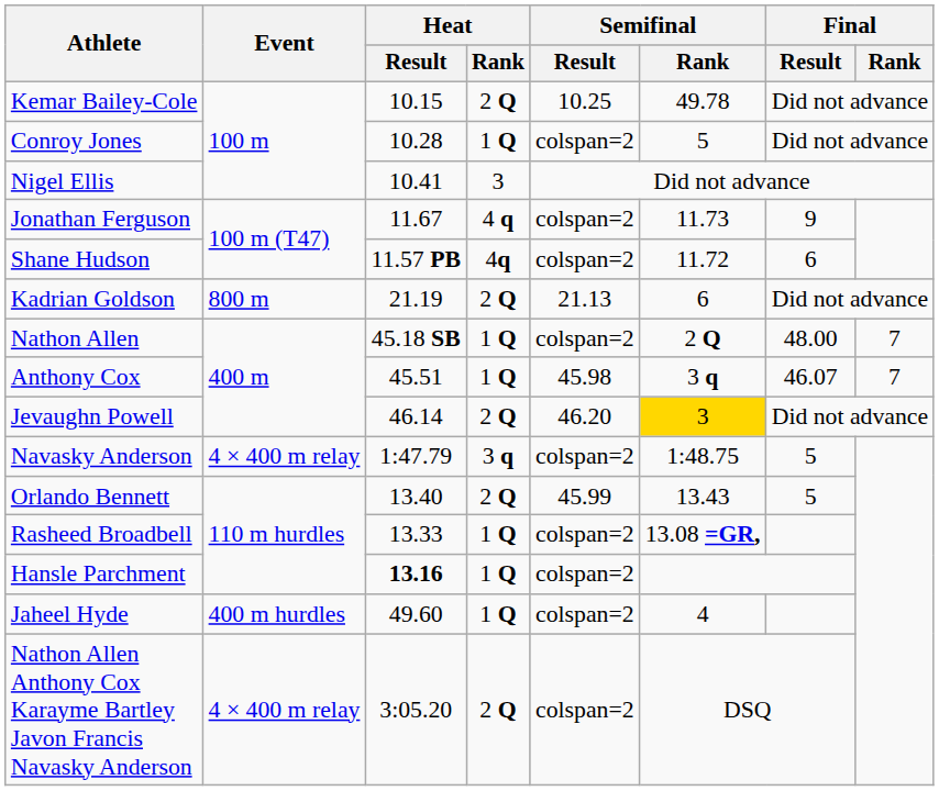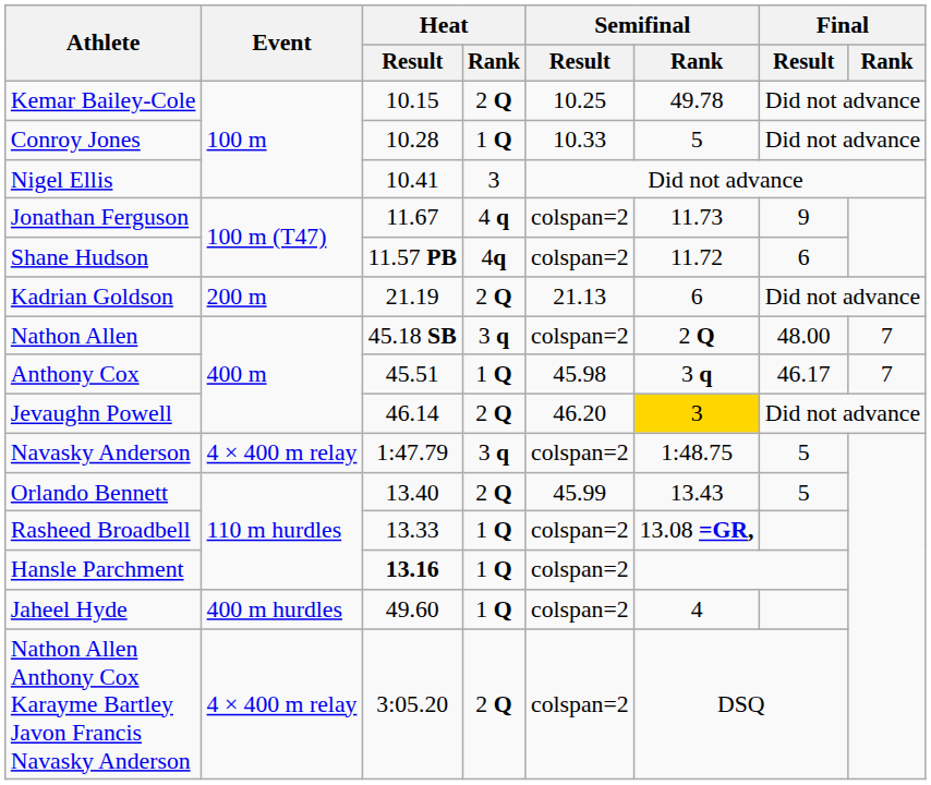 <table class="wikitable" style="font-size:90%; text-align:center">
 <tr>
 <th rowspan=2>Athlete</th>
 <th rowspan=2>Event</th>
 <th colspan=2>Heat</th>
 <th colspan=2>Semifinal</th>
 <th colspan=2>Final</th>
 </tr>
 <tr style="font-size:95%">
 <th>Result</th>
 <th>Rank</th>
 <th>Result</th>
 <th>Rank</th>
 <th>Result</th>
 <th>Rank</th>
 </tr>
 <tr>
 <td align=left><a href='#'>Kemar Bailey-Cole</a></td>
 <td align=left rowspan=3><a href='#'>100 m</a></td>
 <td>10.15</td>
 <td>2 <strong>Q</strong></td>
 <td>10.25</td>
 <td>49.78</td>
 <td colspan=2>Did not advance</td>
 </tr>
 <tr>
 <td align=left><a href='#'>Conroy Jones</a></td>
 <td>10.28</td>
 <td>1 <strong>Q</strong></td>
-<td>colspan=2 </td>
+<td>10.33</td>
 <td>5</td>
 <td colspan=2>Did not advance</td>
 </tr>
 <tr>
 <td align=left><a href='#'>Nigel Ellis</a></td>
 <td>10.41</td>
 <td>3</td>
 <td colspan=4>Did not advance</td>
 </tr>
 <tr>
 <td align=left><a href='#'>Jonathan Ferguson</a></td>
 <td align=left rowspan=2><a href='#'>100 m (T47)</a></td>
 <td>11.67</td>
 <td>4 <strong>q</strong></td>
 <td>colspan=2 </td>
 <td>11.73</td>
 <td>9</td>
 </tr>
 <tr>
 <td align=left><a href='#'>Shane Hudson</a></td>
 <td>11.57 <strong>PB</strong></td>
 <td>4<strong>q</strong></td>
 <td>colspan=2 </td>
 <td>11.72</td>
 <td>6</td>
 </tr>
 <tr>
 <td align=left><a href='#'>Kadrian Goldson</a></td>
-<td align=left rowspan=1><a href='#'>800 m</a></td>
+<td align=left rowspan=1><a href='#'>200 m</a></td>
 <td>21.19</td>
 <td>2 <strong>Q</strong></td>
 <td>21.13</td>
 <td>6</td>
 <td colspan=2>Did not advance</td>
 </tr>
 <tr>
 <td align=left><a href='#'>Nathon Allen</a></td>
 <td align=left rowspan=3><a href='#'>400 m</a></td>
 <td>45.18 <strong>SB</strong></td>
-<td>1 <strong>Q</strong></td>
+<td>3 <strong>q</strong></td>
 <td>colspan=2 </td>
 <td>2 <strong>Q</strong></td>
 <td>48.00</td>
 <td>7</td>
 </tr>
 <tr>
 <td align=left><a href='#'>Anthony Cox</a></td>
 <td>45.51</td>
 <td>1 <strong>Q</strong></td>
 <td>45.98</td>
 <td>3 <strong>q</strong></td>
-<td>46.07</td>
+<td>46.17</td>
 <td>7</td>
 </tr>
 <tr>
 <td align=left><a href='#'>Jevaughn Powell</a></td>
 <td>46.14</td>
 <td>2 <strong>Q</strong></td>
 <td>46.20</td>
 <td style="background: gold;">3</td>
 <td colspan=2>Did not advance</td>
 </tr>
 <tr>
 <td align=left><a href='#'>Navasky Anderson</a></td>
 <td align=left><a href='#'>4 × 400 m relay</a></td>
 <td>1:47.79</td>
 <td>3 <strong>q</strong></td>
 <td>colspan=2 </td>
 <td>1:48.75</td>
 <td>5</td>
 </tr>
 <tr>
 <td align=left><a href='#'>Orlando Bennett</a></td>
 <td align=left rowspan=3><a href='#'>110 m hurdles</a></td>
 <td>13.40</td>
 <td>2 <strong>Q</strong></td>
 <td>45.99</td>
 <td>13.43</td>
 <td>5</td>
 </tr>
 <tr>
 <td align=left><a href='#'>Rasheed Broadbell</a></td>
 <td>13.33</td>
 <td>1 <strong>Q</strong></td>
 <td>colspan=2 </td>
 <td>13.08 <strong><a href='#'>=GR</a>,</strong> </td>
 <td></td>
 </tr>
 <tr>
 <td align=left><a href='#'>Hansle Parchment</a></td>
 <td><strong>13.16</strong></td>
 <td>1 <strong>Q</strong></td>
 <td>colspan=2 </td>
 <td colspan=2></td>
 </tr>
 <tr>
 <td align=left><a href='#'>Jaheel Hyde</a></td>
 <td align=left rowspan=1><a href='#'>400 m hurdles</a></td>
 <td>49.60</td>
 <td>1 <strong>Q</strong></td>
 <td>colspan=2 </td>
 <td>4</td>
 <td></td>
 </tr>
 <tr>
 <td align=left><a href='#'>Nathon Allen</a><br><a href='#'>Anthony Cox</a><br><a href='#'>Karayme Bartley</a><br><a href='#'>Javon Francis</a><br><a href='#'>Navasky Anderson</a></td>
 <td align=left><a href='#'>4 × 400 m relay</a></td>
 <td>3:05.20</td>
 <td>2 <strong>Q</strong></td>
 <td>colspan=2 </td>
 <td colspan=2>DSQ</td>
 </tr>
 </table>
